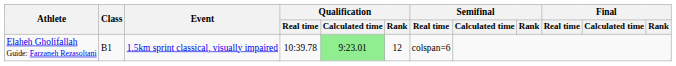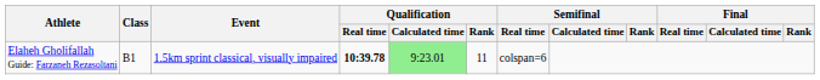 <table class=wikitable style="font-size:90%">
 <tr>
 <th rowspan=2>Athlete</th>
 <th rowspan=2>Class</th>
 <th rowspan=2>Event</th>
 <th colspan=3>Qualification</th>
 <th colspan=3>Semifinal</th>
 <th colspan=3>Final</th>
 </tr>
 <tr style="font-size:95%">
 <th>Real time</th>
 <th>Calculated time</th>
 <th>Rank</th>
 <th>Real time</th>
 <th>Calculated time</th>
 <th>Rank</th>
 <th>Real time</th>
 <th>Calculated time</th>
 <th>Rank</th>
 </tr>
 <tr>
 <td><a href='#'>Elaheh Gholifallah</a><br><small>Guide: <a href='#'>Farzaneh Rezasoltani</a></small></td>
 <td>B1</td>
 <td><a href='#'>1.5km sprint classical, visually impaired</a></td>
-<td align="center">10:39.78</td>
+<td align="center"><strong>10:39.78</strong></td>
 <td align="center" style="background: lightgreen;">9:23.01</td>
-<td align="center">12</td>
+<td align="center">11</td>
 <td>colspan=6 </td>
 </tr>
 </table>
